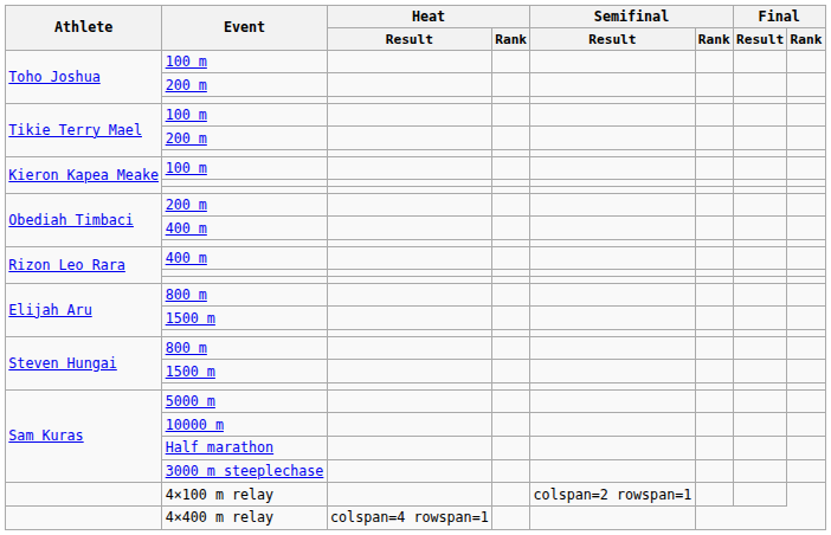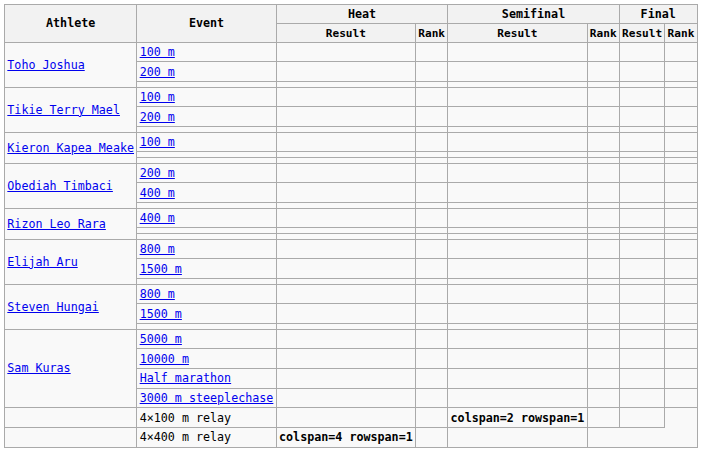 <table class="wikitable" style="font-size:90%">
 <tr>
 <th rowspan="2">Athlete</th>
 <th rowspan="2">Event</th>
 <th colspan="2">Heat</th>
 <th colspan="2">Semifinal</th>
 <th colspan="2">Final</th>
 </tr>
 <tr style="font-size:95%">
 <th>Result</th>
 <th>Rank</th>
 <th>Result</th>
 <th>Rank</th>
 <th>Result</th>
 <th>Rank</th>
 </tr>
 <tr style=text-align:center>
 <td style=text-align:left rowspan=3><a href='#'>Toho Joshua</a></td>
 <td style=text-align:left><a href='#'>100 m</a></td>
 <td></td>
 <td></td>
 <td></td>
 <td></td>
 <td></td>
 <td></td>
 </tr>
 <tr style=text-align:center>
 <td style=text-align:left><a href='#'>200 m</a></td>
 <td></td>
 <td></td>
 <td></td>
 <td></td>
 <td></td>
 <td></td>
 </tr>
 <tr style=text-align:center>
 <td style=text-align:left></td>
 <td></td>
 <td></td>
 <td></td>
 <td></td>
 <td></td>
 <td></td>
 </tr>
 <tr style=text-align:center>
 <td style=text-align:left rowspan=3><a href='#'>Tikie Terry Mael</a></td>
 <td style=text-align:left><a href='#'>100 m</a></td>
 <td></td>
 <td></td>
 <td></td>
 <td></td>
 <td></td>
 <td></td>
 </tr>
 <tr style=text-align:center>
 <td style=text-align:left><a href='#'>200 m</a></td>
 <td></td>
 <td></td>
 <td></td>
 <td></td>
 <td></td>
 <td></td>
 </tr>
 <tr style=text-align:center>
 <td style=text-align:left></td>
 <td></td>
 <td></td>
 <td></td>
 <td></td>
 <td></td>
 <td></td>
 </tr>
 <tr style=text-align:center>
 <td style=text-align:left rowspan=3><a href='#'>Kieron Kapea Meake</a></td>
 <td style=text-align:left><a href='#'>100 m</a></td>
 <td></td>
 <td></td>
 <td></td>
 <td></td>
 <td></td>
 <td></td>
 </tr>
 <tr style=text-align:center>
 <td style=text-align:left></td>
 <td></td>
 <td></td>
 <td></td>
 <td></td>
 <td></td>
 <td></td>
 </tr>
 <tr style=text-align:center>
 <td style=text-align:left></td>
 <td></td>
 <td></td>
 <td></td>
 <td></td>
 <td></td>
 <td></td>
 </tr>
 <tr style=text-align:center>
 <td style=text-align:left rowspan=3><a href='#'>Obediah Timbaci</a></td>
 <td style=text-align:left><a href='#'>200 m</a></td>
 <td></td>
 <td></td>
 <td></td>
 <td></td>
 <td></td>
 <td></td>
 </tr>
 <tr style=text-align:center>
 <td style=text-align:left><a href='#'>400 m</a></td>
 <td></td>
 <td></td>
 <td></td>
 <td></td>
 <td></td>
 <td></td>
 </tr>
 <tr style=text-align:center>
 <td style=text-align:left></td>
 <td></td>
 <td></td>
 <td></td>
 <td></td>
 <td></td>
 <td></td>
 </tr>
 <tr style=text-align:center>
 <td style=text-align:left rowspan=3><a href='#'>Rizon Leo Rara</a></td>
 <td style=text-align:left><a href='#'>400 m</a></td>
 <td></td>
 <td></td>
 <td></td>
 <td></td>
 <td></td>
 <td></td>
 </tr>
 <tr style=text-align:center>
 <td style=text-align:left></td>
 <td></td>
 <td></td>
 <td></td>
 <td></td>
 <td></td>
 <td></td>
 </tr>
 <tr style=text-align:center>
 <td style=text-align:left></td>
 <td></td>
 <td></td>
 <td></td>
 <td></td>
 <td></td>
 <td></td>
 </tr>
 <tr style=text-align:center>
 <td style=text-align:left rowspan=3><a href='#'>Elijah Aru</a></td>
 <td style=text-align:left><a href='#'>800 m</a></td>
 <td></td>
 <td></td>
 <td></td>
 <td></td>
 <td></td>
 <td></td>
 </tr>
 <tr style=text-align:center>
 <td style=text-align:left><a href='#'>1500 m</a></td>
 <td></td>
 <td></td>
 <td></td>
 <td></td>
 <td></td>
 <td></td>
 </tr>
 <tr style=text-align:center>
 <td style=text-align:left></td>
 <td></td>
 <td></td>
 <td></td>
 <td></td>
 <td></td>
 <td></td>
 </tr>
 <tr style=text-align:center>
 <td style=text-align:left rowspan=3><a href='#'>Steven Hungai</a></td>
 <td style=text-align:left><a href='#'>800 m</a></td>
 <td></td>
 <td></td>
 <td></td>
 <td></td>
 <td></td>
 <td></td>
 </tr>
 <tr style=text-align:center>
 <td style=text-align:left><a href='#'>1500 m</a></td>
 <td></td>
 <td></td>
 <td></td>
 <td></td>
 <td></td>
 <td></td>
 </tr>
 <tr style=text-align:center>
 <td style=text-align:left></td>
 <td></td>
 <td></td>
 <td></td>
 <td></td>
 <td></td>
 <td></td>
 </tr>
 <tr style=text-align:center>
 <td style=text-align:left rowspan=4><a href='#'>Sam Kuras</a></td>
 <td style=text-align:left><a href='#'>5000 m</a></td>
 <td></td>
 <td></td>
 <td></td>
 <td></td>
 <td></td>
 <td></td>
 </tr>
 <tr style=text-align:center>
 <td style=text-align:left><a href='#'>10000 m</a></td>
 <td></td>
 <td></td>
 <td></td>
 <td></td>
 <td></td>
 <td></td>
 </tr>
 <tr style=text-align:center>
 <td style=text-align:left><a href='#'>Half marathon</a></td>
 <td></td>
 <td></td>
 <td></td>
 <td></td>
 <td></td>
 <td></td>
 </tr>
 <tr style=text-align:center>
 <td style=text-align:left><a href='#'>3000 m steeplechase</a></td>
 <td></td>
 <td></td>
 <td></td>
 <td></td>
 <td></td>
 <td></td>
 </tr>
 <tr style=text-align:center>
 <td style=text-align:left></td>
 <td style=text-align:left rowspan=1>4×100 m relay</td>
 <td></td>
 <td></td>
-<td>colspan=2 rowspan=1 </td>
+<td><strong>colspan=2 rowspan=1 </strong></td>
 <td></td>
 <td></td>
 </tr>
 <tr style=text-align:center>
 <td style=text-align:left></td>
 <td style=text-align:left rowspan=1>4×400 m relay</td>
-<td>colspan=4 rowspan=1 </td>
+<td><strong>colspan=4 rowspan=1 </strong></td>
 <td></td>
 <td></td>
 </tr>
 </table>
